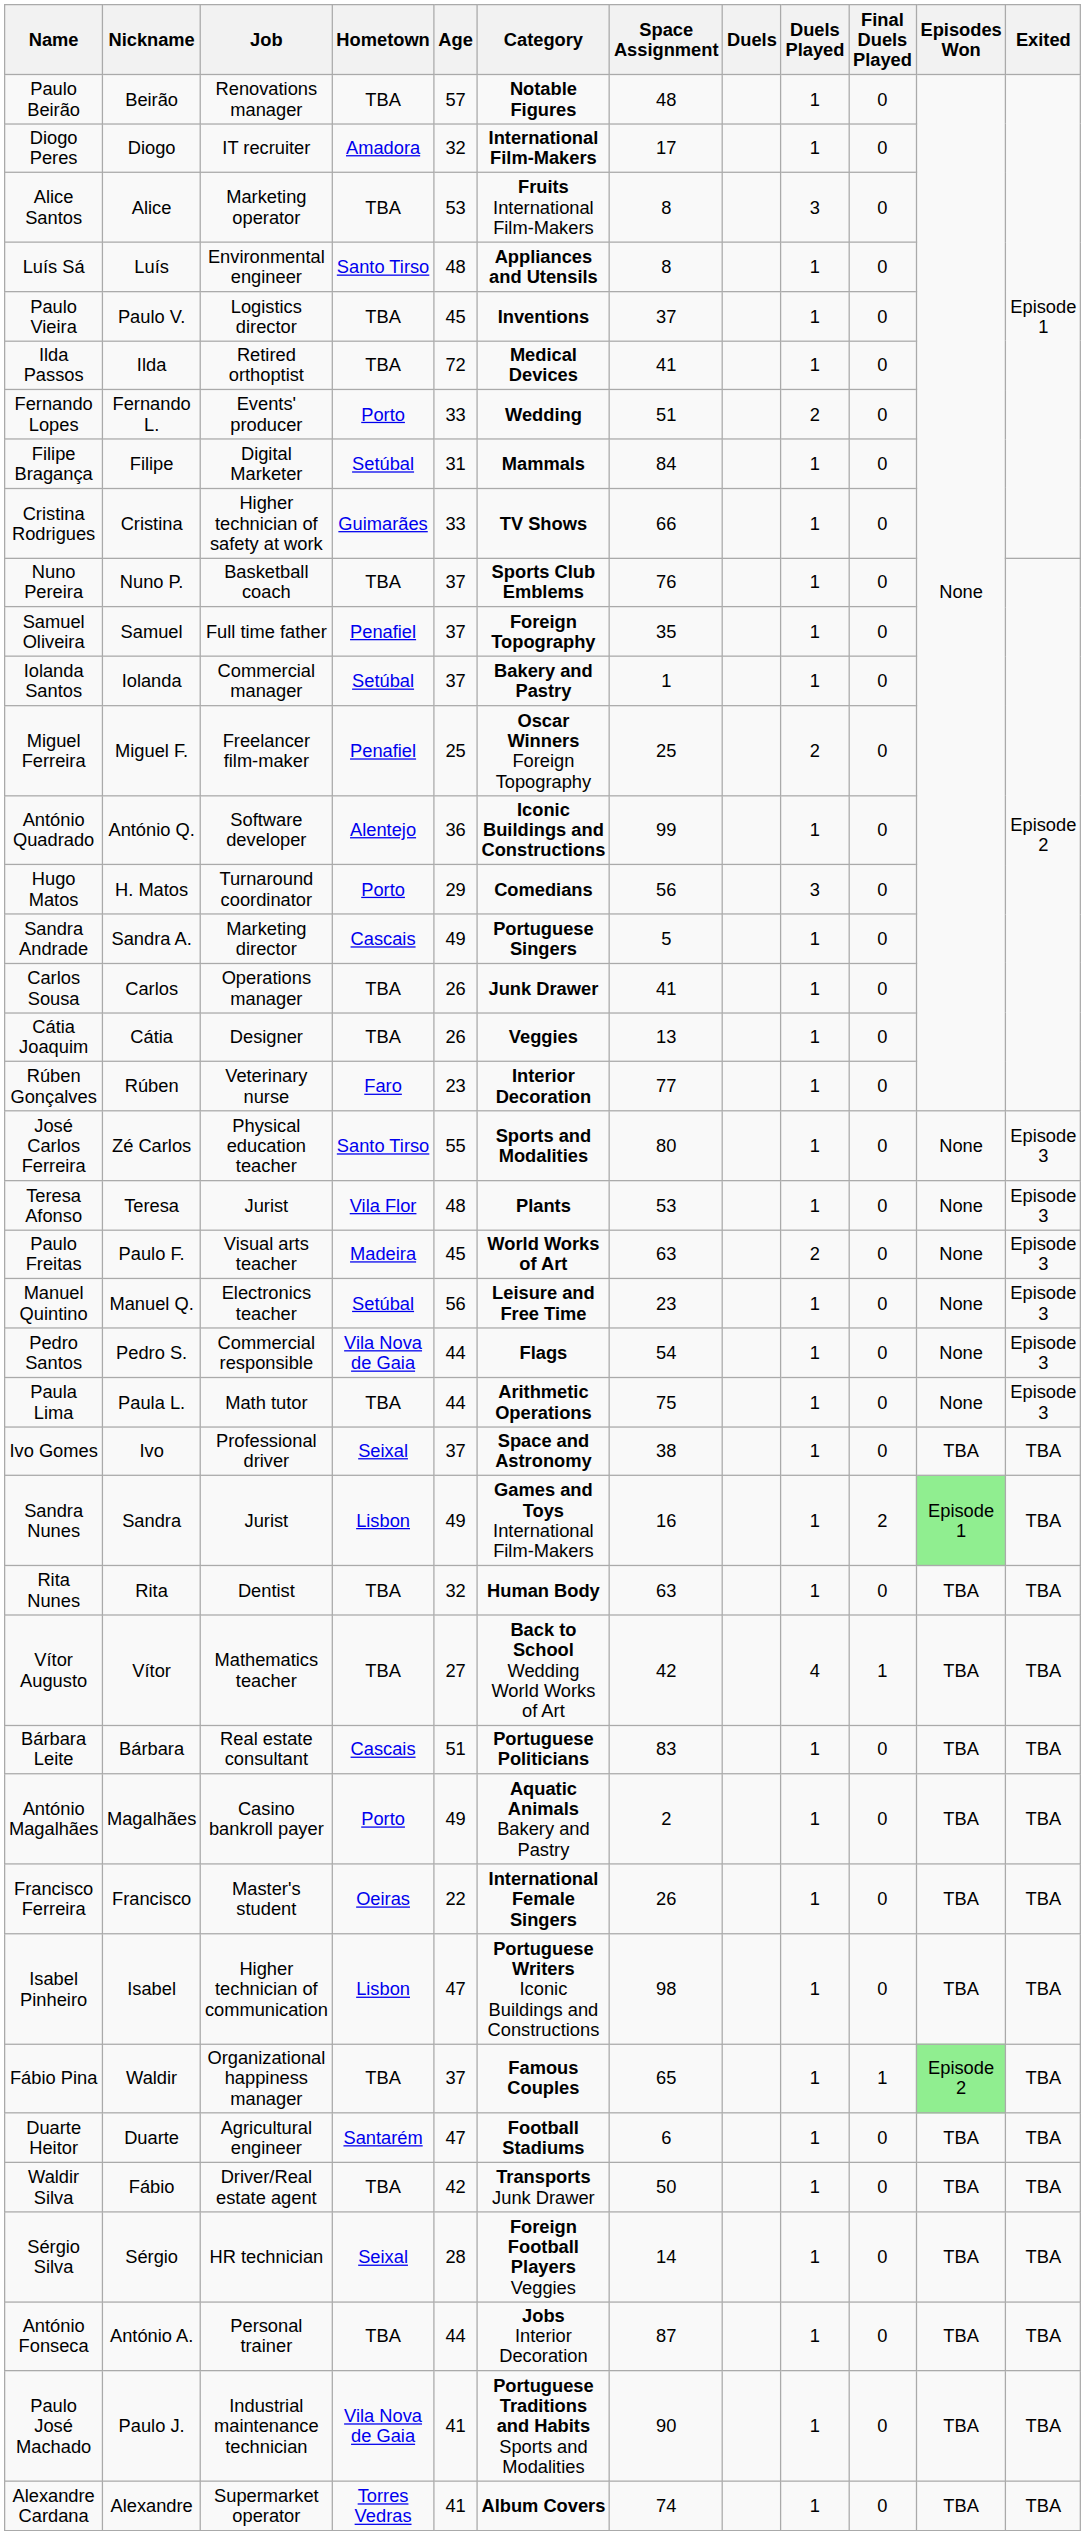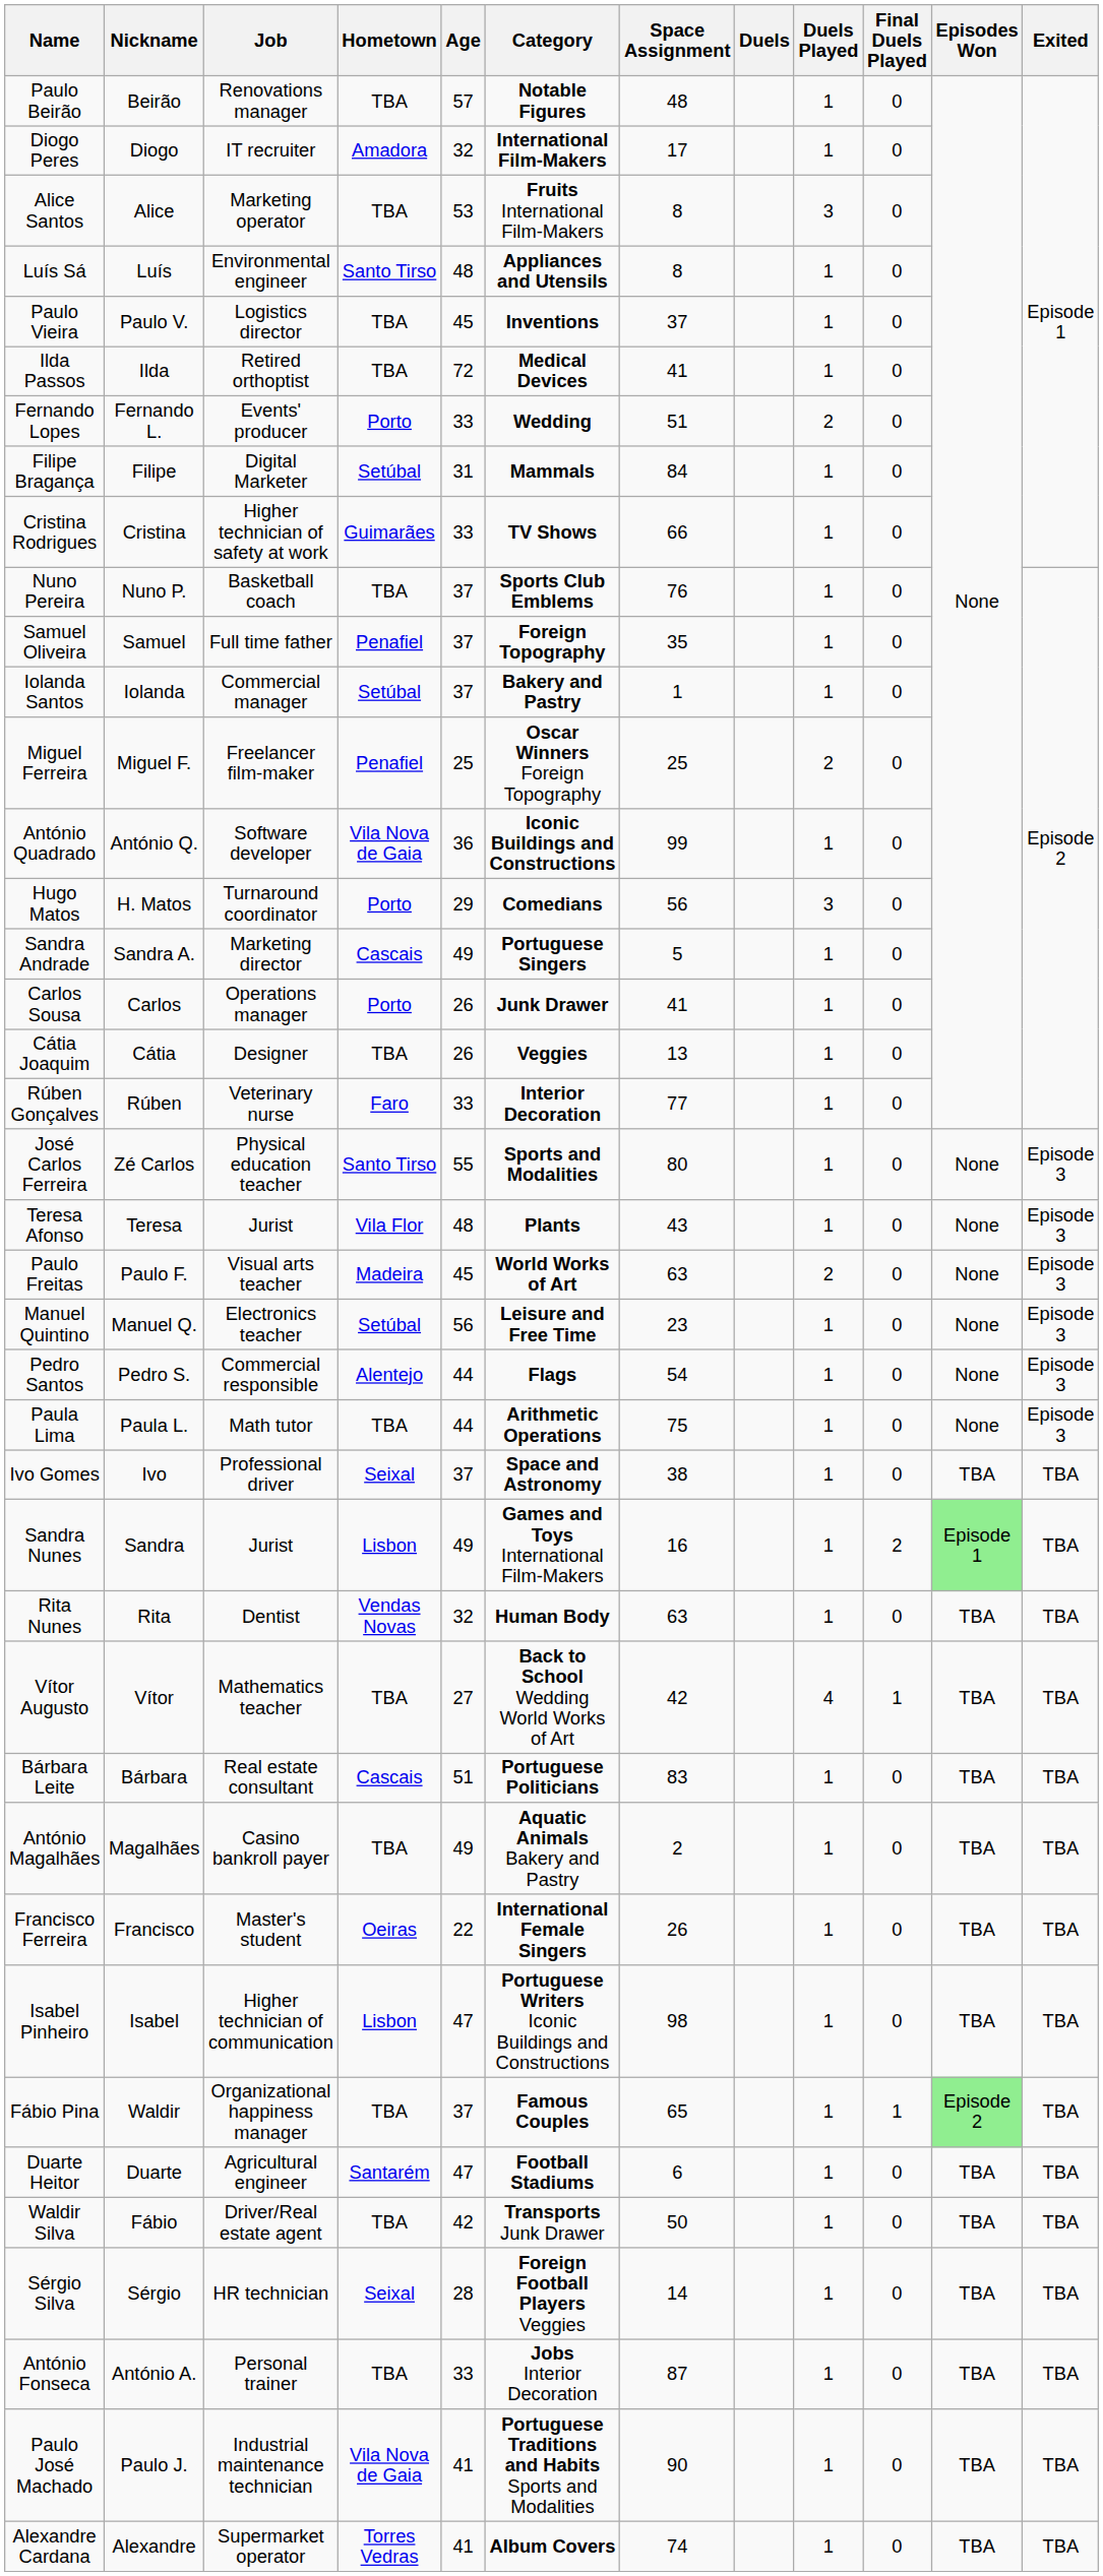 <table class="wikitable sortable" style="text-align:center; font-size:90%">
 <tr>
 <th>Name</th>
 <th>Nickname</th>
 <th>Job</th>
 <th>Hometown</th>
 <th>Age</th>
 <th>Category</th>
 <th>Space Assignment</th>
 <th style="text-align:left">Duels</th>
 <th>Duels Played</th>
 <th>Final Duels Played</th>
 <th>Episodes Won</th>
 <th>Exited</th>
 </tr>
 <tr>
 <td>Paulo Beirão</td>
 <td>Beirão</td>
 <td>Renovations manager</td>
 <td>TBA</td>
 <td>57</td>
 <td><strong>Notable Figures</strong></td>
 <td>48</td>
 <td style="text-align:left"></td>
 <td>1</td>
 <td>0</td>
 <td rowspan="19">None</td>
 <td rowspan="9">Episode 1</td>
 </tr>
 <tr>
 <td>Diogo Peres</td>
 <td>Diogo</td>
 <td>IT recruiter</td>
 <td><a href='#'>Amadora</a></td>
 <td>32</td>
 <td><strong>International Film-Makers</strong></td>
 <td>17</td>
 <td style="text-align:left"></td>
 <td>1</td>
 <td>0</td>
 </tr>
 <tr>
 <td>Alice Santos</td>
 <td>Alice</td>
 <td>Marketing operator</td>
 <td>TBA</td>
 <td>53</td>
 <td><strong>Fruits</strong><br>International Film-Makers</td>
 <td>8</td>
 <td style="text-align:left"><br></td>
 <td>3</td>
 <td>0</td>
 </tr>
 <tr>
 <td>Luís Sá</td>
 <td>Luís</td>
 <td>Environmental engineer</td>
 <td><a href='#'>Santo Tirso</a></td>
 <td>48</td>
 <td><strong>Appliances and Utensils</strong></td>
 <td>8</td>
 <td style="text-align:left"></td>
 <td>1</td>
 <td>0</td>
 </tr>
 <tr>
 <td>Paulo Vieira</td>
 <td>Paulo V.</td>
 <td>Logistics director</td>
 <td>TBA</td>
 <td>45</td>
 <td><strong>Inventions</strong></td>
 <td>37</td>
 <td style="text-align:left"></td>
 <td>1</td>
 <td>0</td>
 </tr>
 <tr>
 <td>Ilda Passos</td>
 <td>Ilda</td>
 <td>Retired orthoptist</td>
 <td>TBA</td>
 <td>72</td>
 <td><strong>Medical Devices</strong></td>
 <td>41</td>
 <td style="text-align:left"></td>
 <td>1</td>
 <td>0</td>
 </tr>
 <tr>
 <td>Fernando Lopes</td>
 <td>Fernando L.</td>
 <td>Events' producer</td>
 <td><a href='#'>Porto</a></td>
 <td>33</td>
 <td><strong>Wedding</strong></td>
 <td>51</td>
 <td style="text-align:left"></td>
 <td>2</td>
 <td>0</td>
 </tr>
 <tr>
 <td>Filipe Bragança</td>
 <td>Filipe</td>
 <td>Digital Marketer</td>
 <td><a href='#'>Setúbal</a></td>
 <td>31</td>
 <td><strong>Mammals</strong></td>
 <td>84</td>
 <td style="text-align:left"></td>
 <td>1</td>
 <td>0</td>
 </tr>
 <tr>
 <td>Cristina Rodrigues</td>
 <td>Cristina</td>
 <td>Higher technician of safety at work</td>
 <td><a href='#'>Guimarães</a></td>
 <td>33</td>
 <td><strong>TV Shows</strong></td>
 <td>66</td>
 <td style="text-align:left"></td>
 <td>1</td>
 <td>0</td>
 </tr>
 <tr>
 <td>Nuno Pereira</td>
 <td>Nuno P.</td>
 <td>Basketball coach</td>
 <td>TBA</td>
 <td>37</td>
 <td><strong>Sports Club Emblems</strong></td>
 <td>76</td>
 <td style="text-align:left"></td>
 <td>1</td>
 <td>0</td>
 <td rowspan="10">Episode 2</td>
 </tr>
 <tr>
 <td>Samuel Oliveira</td>
 <td>Samuel</td>
 <td>Full time father</td>
 <td><a href='#'>Penafiel</a></td>
 <td>37</td>
 <td><strong>Foreign Topography</strong></td>
 <td>35</td>
 <td style="text-align:left"></td>
 <td>1</td>
 <td>0</td>
 </tr>
 <tr>
 <td>Iolanda Santos</td>
 <td>Iolanda</td>
 <td>Commercial manager</td>
 <td><a href='#'>Setúbal</a></td>
 <td>37</td>
 <td><strong>Bakery and Pastry</strong></td>
 <td>1</td>
 <td style="text-align:left"></td>
 <td>1</td>
 <td>0</td>
 </tr>
 <tr>
 <td>Miguel Ferreira</td>
 <td>Miguel F.</td>
 <td>Freelancer film-maker</td>
 <td><a href='#'>Penafiel</a></td>
 <td>25</td>
 <td><strong>Oscar Winners</strong><br>Foreign Topography</td>
 <td>25</td>
 <td style="text-align:left"></td>
 <td>2</td>
 <td>0</td>
 </tr>
 <tr>
 <td>António Quadrado</td>
 <td>António Q.</td>
 <td>Software developer</td>
-<td><a href='#'>Alentejo</a></td>
+<td><a href='#'>Vila Nova de Gaia</a></td>
 <td>36</td>
 <td><strong>Iconic Buildings and Constructions</strong></td>
 <td>99</td>
 <td style="text-align:left"></td>
 <td>1</td>
 <td>0</td>
 </tr>
 <tr>
 <td>Hugo Matos</td>
 <td>H. Matos</td>
 <td>Turnaround coordinator</td>
 <td><a href='#'>Porto</a></td>
 <td>29</td>
 <td><strong>Comedians</strong></td>
 <td>56</td>
 <td style="text-align:left"></td>
 <td>3</td>
 <td>0</td>
 </tr>
 <tr>
 <td>Sandra Andrade</td>
 <td>Sandra A.</td>
 <td>Marketing director</td>
 <td><a href='#'>Cascais</a></td>
 <td>49</td>
 <td><strong>Portuguese Singers</strong></td>
 <td>5</td>
 <td style="text-align:left"></td>
 <td>1</td>
 <td>0</td>
 </tr>
 <tr>
 <td>Carlos Sousa</td>
 <td>Carlos</td>
 <td>Operations manager</td>
-<td>TBA</td>
+<td><a href='#'>Porto</a></td>
 <td>26</td>
 <td><strong>Junk Drawer</strong></td>
 <td>41</td>
 <td style="text-align:left"></td>
 <td>1</td>
 <td>0</td>
 </tr>
 <tr>
 <td>Cátia Joaquim</td>
 <td>Cátia</td>
 <td>Designer</td>
 <td>TBA</td>
 <td>26</td>
 <td><strong>Veggies</strong></td>
 <td>13</td>
 <td style="text-align:left"></td>
 <td>1</td>
 <td>0</td>
 </tr>
 <tr>
 <td>Rúben Gonçalves</td>
 <td>Rúben</td>
 <td>Veterinary nurse</td>
 <td><a href='#'>Faro</a></td>
-<td>23</td>
+<td>33</td>
 <td><strong>Interior Decoration</strong></td>
 <td>77</td>
 <td style="text-align:left"></td>
 <td>1</td>
 <td>0</td>
 </tr>
 <tr>
 <td>José Carlos Ferreira</td>
 <td>Zé Carlos</td>
 <td>Physical education teacher</td>
 <td><a href='#'>Santo Tirso</a></td>
 <td>55</td>
 <td><strong>Sports and Modalities</strong></td>
 <td>80</td>
 <td style="text-align:left"></td>
 <td>1</td>
 <td>0</td>
 <td rowspan="1">None</td>
 <td>Episode 3</td>
 </tr>
 <tr>
 <td>Teresa Afonso</td>
 <td>Teresa</td>
 <td>Jurist</td>
 <td><a href='#'>Vila Flor</a></td>
 <td>48</td>
 <td><strong>Plants</strong></td>
-<td>53</td>
+<td>43</td>
 <td style="text-align:left"></td>
 <td>1</td>
 <td>0</td>
 <td rowspan="1">None</td>
 <td>Episode 3</td>
 </tr>
 <tr>
 <td>Paulo Freitas</td>
 <td>Paulo F.</td>
 <td>Visual arts teacher</td>
 <td><a href='#'>Madeira</a></td>
 <td>45</td>
 <td><strong>World Works of Art</strong></td>
 <td>63</td>
 <td style="text-align:left"></td>
 <td>2</td>
 <td>0</td>
 <td rowspan="1">None</td>
 <td>Episode 3</td>
 </tr>
 <tr>
 <td>Manuel Quintino</td>
 <td>Manuel Q.</td>
 <td>Electronics teacher</td>
 <td><a href='#'>Setúbal</a></td>
 <td>56</td>
 <td><strong>Leisure and Free Time</strong></td>
 <td>23</td>
 <td style="text-align:left"></td>
 <td>1</td>
 <td>0</td>
 <td rowspan="1">None</td>
 <td>Episode 3</td>
 </tr>
 <tr>
 <td>Pedro Santos</td>
 <td>Pedro S.</td>
 <td>Commercial responsible</td>
-<td><a href='#'>Vila Nova de Gaia</a></td>
+<td><a href='#'>Alentejo</a></td>
 <td>44</td>
 <td><strong>Flags</strong></td>
 <td>54</td>
 <td style="text-align:left"></td>
 <td>1</td>
 <td>0</td>
 <td rowspan="1">None</td>
 <td>Episode 3</td>
 </tr>
 <tr>
 <td>Paula Lima</td>
 <td>Paula L.</td>
 <td>Math tutor</td>
 <td>TBA</td>
 <td>44</td>
 <td><strong>Arithmetic Operations</strong></td>
 <td>75</td>
 <td style="text-align:left"></td>
 <td>1</td>
 <td>0</td>
 <td rowspan="1">None</td>
 <td>Episode 3</td>
 </tr>
 <tr>
 <td>Ivo Gomes</td>
 <td>Ivo</td>
 <td>Professional driver</td>
 <td><a href='#'>Seixal</a></td>
 <td>37</td>
 <td><strong>Space and Astronomy</strong></td>
 <td>38</td>
 <td style="text-align:left"></td>
 <td>1</td>
 <td>0</td>
 <td>TBA</td>
 <td rowspan="1">TBA</td>
 </tr>
 <tr>
 <td>Sandra Nunes</td>
 <td>Sandra</td>
 <td>Jurist</td>
 <td><a href='#'>Lisbon</a></td>
 <td>49</td>
 <td><strong>Games and Toys</strong><br>International Film-Makers</td>
 <td>16</td>
 <td style="text-align:left"></td>
 <td>1</td>
 <td>2</td>
 <td style="background:lightgreen">Episode 1</td>
 <td rowspan="1">TBA</td>
 </tr>
 <tr>
 <td>Rita Nunes</td>
 <td>Rita</td>
 <td>Dentist</td>
-<td>TBA</td>
+<td><a href='#'>Vendas Novas</a></td>
 <td>32</td>
 <td><strong>Human Body</strong></td>
 <td>63</td>
 <td style="text-align:left"></td>
 <td>1</td>
 <td>0</td>
 <td>TBA</td>
 <td rowspan="1">TBA</td>
 </tr>
 <tr>
 <td>Vítor Augusto</td>
 <td>Vítor</td>
 <td>Mathematics teacher</td>
 <td>TBA</td>
 <td>27</td>
 <td><strong>Back to School</strong><br>Wedding<br>World Works of Art</td>
 <td>42</td>
 <td style="text-align:left"></td>
 <td>4</td>
 <td>1</td>
 <td>TBA</td>
 <td rowspan="1">TBA</td>
 </tr>
 <tr>
 <td>Bárbara Leite</td>
 <td>Bárbara</td>
 <td>Real estate consultant</td>
 <td><a href='#'>Cascais</a></td>
 <td>51</td>
 <td><strong>Portuguese Politicians</strong></td>
 <td>83</td>
 <td style="text-align:left"></td>
 <td>1</td>
 <td>0</td>
 <td>TBA</td>
 <td rowspan="1">TBA</td>
 </tr>
 <tr>
 <td>António Magalhães</td>
 <td>Magalhães</td>
 <td>Casino bankroll payer</td>
-<td><a href='#'>Porto</a></td>
+<td>TBA</td>
 <td>49</td>
 <td><strong>Aquatic Animals</strong><br>Bakery and Pastry</td>
 <td>2</td>
 <td style="text-align:left"></td>
 <td>1</td>
 <td>0</td>
 <td>TBA</td>
 <td rowspan="1">TBA</td>
 </tr>
 <tr>
 <td>Francisco Ferreira</td>
 <td>Francisco</td>
 <td>Master's student</td>
 <td><a href='#'>Oeiras</a></td>
 <td>22</td>
 <td><strong>International Female Singers</strong></td>
 <td>26</td>
 <td style="text-align:left"></td>
 <td>1</td>
 <td>0</td>
 <td>TBA</td>
 <td rowspan="1">TBA</td>
 </tr>
 <tr>
 <td>Isabel Pinheiro</td>
 <td>Isabel</td>
 <td>Higher technician of communication</td>
 <td><a href='#'>Lisbon</a></td>
 <td>47</td>
 <td><strong>Portuguese Writers</strong><br>Iconic Buildings and Constructions</td>
 <td>98</td>
 <td style="text-align:left"></td>
 <td>1</td>
 <td>0</td>
 <td>TBA</td>
 <td rowspan="1">TBA</td>
 </tr>
 <tr>
 <td>Fábio Pina</td>
 <td>Waldir</td>
 <td>Organizational happiness manager</td>
 <td>TBA</td>
 <td>37</td>
 <td><strong>Famous Couples</strong></td>
 <td>65</td>
 <td style="text-align:left"></td>
 <td>1</td>
 <td>1</td>
 <td style="background:lightgreen">Episode 2</td>
 <td rowspan="1">TBA</td>
 </tr>
 <tr>
 <td>Duarte Heitor</td>
 <td>Duarte</td>
 <td>Agricultural engineer</td>
 <td><a href='#'>Santarém</a></td>
 <td>47</td>
 <td><strong>Football Stadiums</strong></td>
 <td>6</td>
 <td style="text-align:left"></td>
 <td>1</td>
 <td>0</td>
 <td rowspan="1">TBA</td>
 <td>TBA</td>
 </tr>
 <tr>
 <td>Waldir Silva</td>
 <td>Fábio</td>
 <td>Driver/Real estate agent</td>
 <td>TBA</td>
 <td>42</td>
 <td><strong>Transports</strong><br>Junk Drawer</td>
 <td>50</td>
 <td style="text-align:left"></td>
 <td>1</td>
 <td>0</td>
 <td rowspan="1">TBA</td>
 <td>TBA</td>
 </tr>
 <tr>
 <td>Sérgio Silva</td>
 <td>Sérgio</td>
 <td>HR technician</td>
 <td><a href='#'>Seixal</a></td>
 <td>28</td>
 <td><strong>Foreign Football Players</strong><br>Veggies</td>
 <td>14</td>
 <td style="text-align:left"></td>
 <td>1</td>
 <td>0</td>
 <td rowspan="1">TBA</td>
 <td>TBA</td>
 </tr>
 <tr>
 <td>António Fonseca</td>
 <td>António A.</td>
 <td>Personal trainer</td>
 <td>TBA</td>
-<td>44</td>
+<td>33</td>
 <td><strong>Jobs</strong><br>Interior Decoration</td>
 <td>87</td>
 <td style="text-align:left"></td>
 <td>1</td>
 <td>0</td>
 <td rowspan="1">TBA</td>
 <td>TBA</td>
 </tr>
 <tr>
 <td>Paulo José Machado</td>
 <td>Paulo J.</td>
 <td>Industrial maintenance technician</td>
 <td><a href='#'>Vila Nova de Gaia</a></td>
 <td>41</td>
 <td><strong>Portuguese Traditions and Habits</strong><br>Sports and Modalities</td>
 <td>90</td>
 <td style="text-align:left"></td>
 <td>1</td>
 <td>0</td>
 <td rowspan="1">TBA</td>
 <td>TBA</td>
 </tr>
 <tr>
 <td>Alexandre Cardana</td>
 <td>Alexandre</td>
 <td>Supermarket operator</td>
 <td><a href='#'>Torres Vedras</a></td>
 <td>41</td>
 <td><strong>Album Covers</strong></td>
 <td>74</td>
 <td style="text-align:left"></td>
 <td>1</td>
 <td>0</td>
 <td rowspan="1">TBA</td>
 <td>TBA</td>
 </tr>
 <tr>
 </tr>
 </table>
